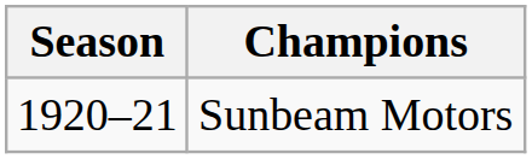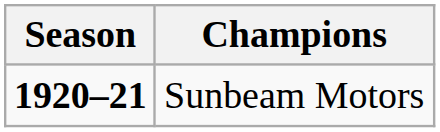 <table class=wikitable>
 <tr>
 <th>Season</th>
 <th>Champions</th>
 </tr>
 <tr>
-<td>1920–21</td>
+<td><strong>1920–21</strong></td>
 <td>Sunbeam Motors</td>
 </tr>
 </table>
